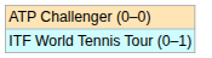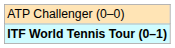 <table class=wikitable style=font-size:90%>
 <tr bgcolor=moccasin>
 <td>ATP Challenger (0–0)</td>
 </tr>
 <tr bgcolor=cffcff>
-<td>ITF World Tennis Tour (0–1)</td>
+<td><strong>ITF World Tennis Tour (0–1)</strong></td>
 </tr>
 </table>
